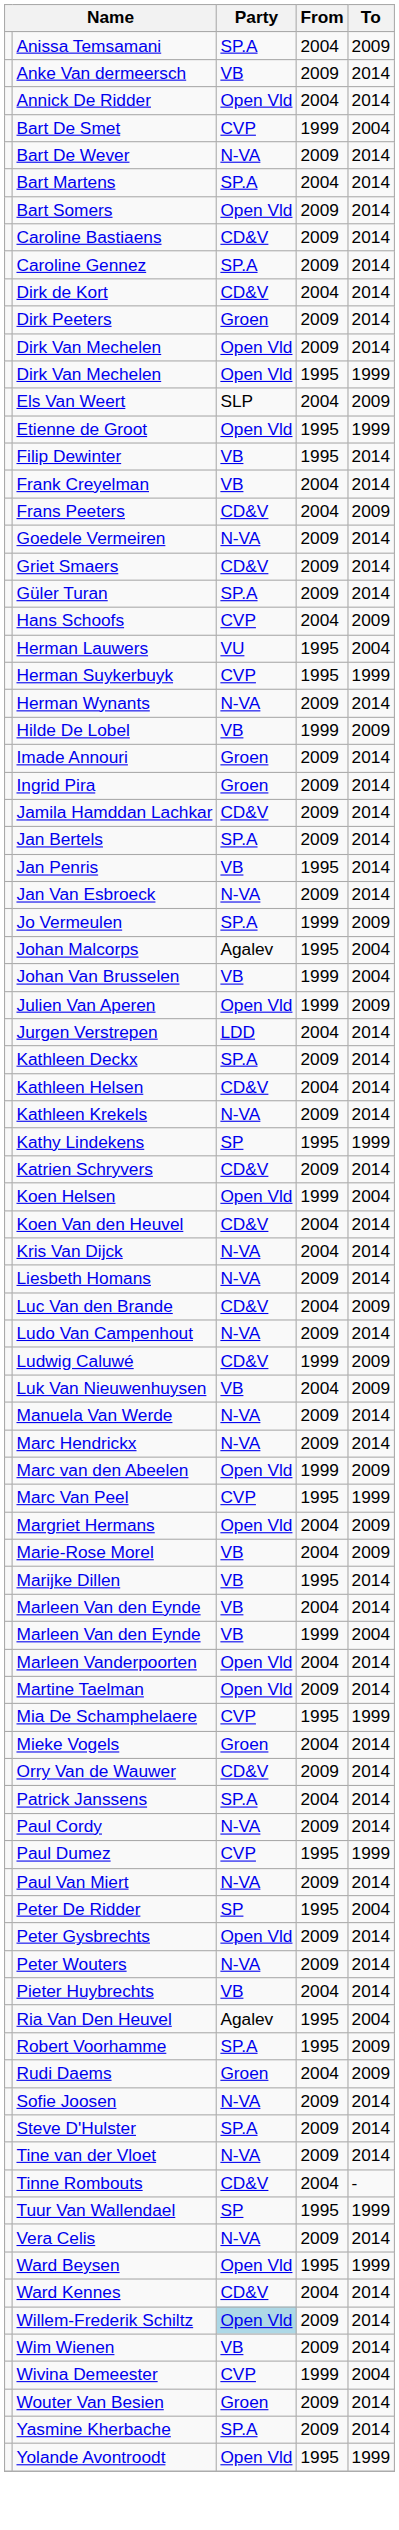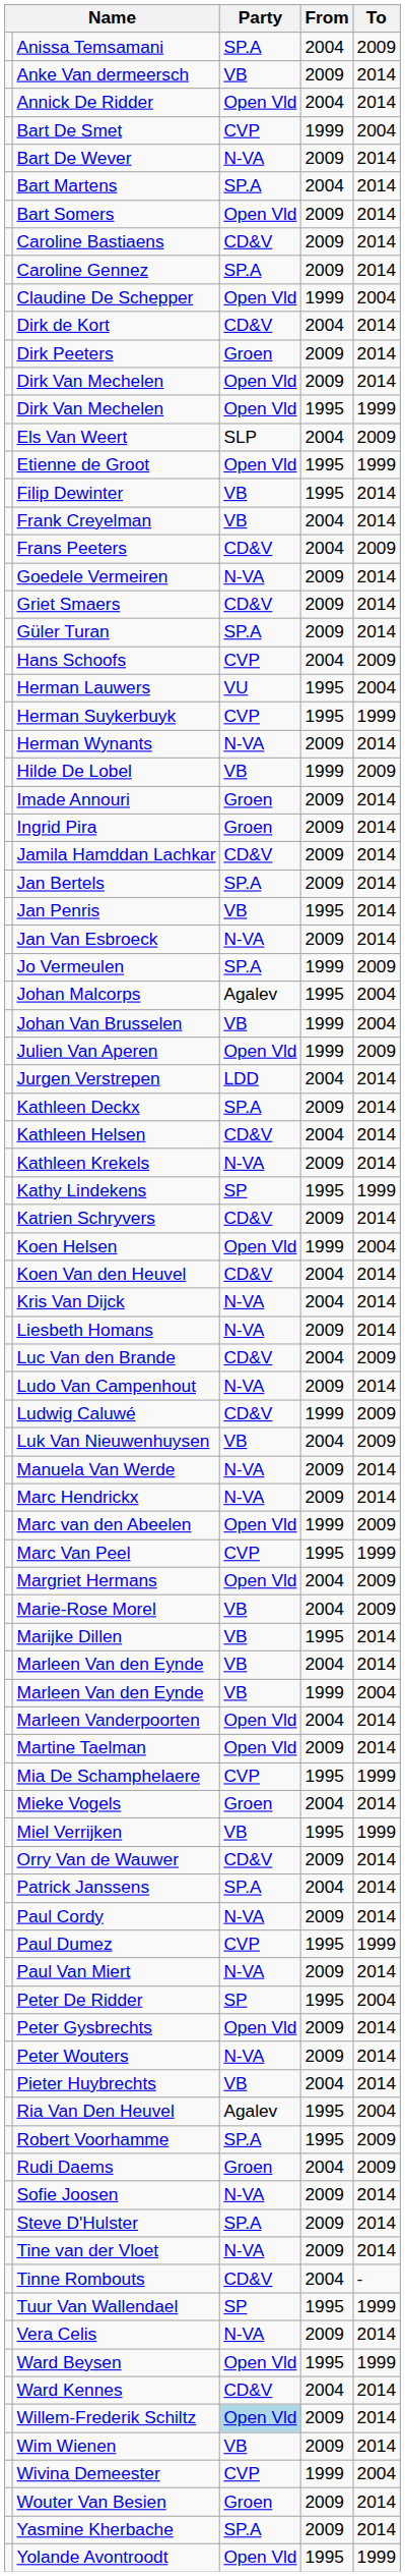 <table class="wikitable sortable">
 <tr>
 <th colspan=2>Name</th>
 <th>Party</th>
 <th>From</th>
 <th>To</th>
 </tr>
 <tr>
 <td style="background-color: "></td>
 <td><a href='#'>Anissa Temsamani</a></td>
 <td><a href='#'>SP.A</a></td>
 <td>2004</td>
 <td>2009</td>
 </tr>
 <tr>
 <td style="background-color: "></td>
 <td><a href='#'>Anke Van dermeersch</a></td>
 <td><a href='#'>VB</a></td>
 <td>2009</td>
 <td>2014</td>
 </tr>
 <tr>
 <td style="background-color: "></td>
 <td><a href='#'>Annick De Ridder</a></td>
 <td><a href='#'>Open Vld</a></td>
 <td>2004</td>
 <td>2014</td>
 </tr>
 <tr>
 <td style="background-color: "></td>
 <td><a href='#'>Bart De Smet</a></td>
 <td><a href='#'>CVP</a></td>
 <td>1999</td>
 <td>2004</td>
 </tr>
 <tr>
 <td style="background-color: "></td>
 <td><a href='#'>Bart De Wever</a></td>
 <td><a href='#'>N-VA</a></td>
 <td>2009</td>
 <td>2014</td>
 </tr>
 <tr>
 <td style="background-color: "></td>
 <td><a href='#'>Bart Martens</a></td>
 <td><a href='#'>SP.A</a></td>
 <td>2004</td>
 <td>2014</td>
 </tr>
 <tr>
 <td style="background-color: "></td>
 <td><a href='#'>Bart Somers</a></td>
 <td><a href='#'>Open Vld</a></td>
 <td>2009</td>
 <td>2014</td>
 </tr>
 <tr>
 <td style="background-color: "></td>
 <td><a href='#'>Caroline Bastiaens</a></td>
 <td><a href='#'>CD&V</a></td>
 <td>2009</td>
 <td>2014</td>
 </tr>
 <tr>
 <td style="background-color: "></td>
 <td><a href='#'>Caroline Gennez</a></td>
 <td><a href='#'>SP.A</a></td>
 <td>2009</td>
 <td>2014</td>
+</tr>
+<tr>
+<td style="background-color: "></td>
+<td><a href='#'>Claudine De Schepper</a></td>
+<td><a href='#'>Open Vld</a></td>
+<td>1999</td>
+<td>2004</td>
 </tr>
 <tr>
 <td style="background-color: "></td>
 <td><a href='#'>Dirk de Kort</a></td>
 <td><a href='#'>CD&V</a></td>
 <td>2004</td>
 <td>2014</td>
 </tr>
 <tr>
 <td style="background-color: "></td>
 <td><a href='#'>Dirk Peeters</a></td>
 <td><a href='#'>Groen</a></td>
 <td>2009</td>
 <td>2014</td>
 </tr>
 <tr>
 <td style="background-color: "></td>
 <td><a href='#'>Dirk Van Mechelen</a></td>
 <td><a href='#'>Open Vld</a></td>
 <td>2009</td>
 <td>2014</td>
 </tr>
 <tr>
 <td style="background-color: "></td>
 <td><a href='#'>Dirk Van Mechelen</a></td>
 <td><a href='#'>Open Vld</a></td>
 <td>1995</td>
 <td>1999</td>
 </tr>
 <tr>
 <td style="background-color: "></td>
 <td><a href='#'>Els Van Weert</a></td>
 <td>SLP</td>
 <td>2004</td>
 <td>2009</td>
 </tr>
 <tr>
 <td style="background-color: "></td>
 <td><a href='#'>Etienne de Groot</a></td>
 <td><a href='#'>Open Vld</a></td>
 <td>1995</td>
 <td>1999</td>
 </tr>
 <tr>
 <td style="background-color: "></td>
 <td><a href='#'>Filip Dewinter</a></td>
 <td><a href='#'>VB</a></td>
 <td>1995</td>
 <td>2014</td>
 </tr>
 <tr>
 <td style="background-color: "></td>
 <td><a href='#'>Frank Creyelman</a></td>
 <td><a href='#'>VB</a></td>
 <td>2004</td>
 <td>2014</td>
 </tr>
 <tr>
 <td style="background-color: "></td>
 <td><a href='#'>Frans Peeters</a></td>
 <td><a href='#'>CD&V</a></td>
 <td>2004</td>
 <td>2009</td>
 </tr>
 <tr>
 <td style="background-color: "></td>
 <td><a href='#'>Goedele Vermeiren</a></td>
 <td><a href='#'>N-VA</a></td>
 <td>2009</td>
 <td>2014</td>
 </tr>
 <tr>
 <td style="background-color: "></td>
 <td><a href='#'>Griet Smaers</a></td>
 <td><a href='#'>CD&V</a></td>
 <td>2009</td>
 <td>2014</td>
 </tr>
 <tr>
 <td style="background-color: "></td>
 <td><a href='#'>Güler Turan</a></td>
 <td><a href='#'>SP.A</a></td>
 <td>2009</td>
 <td>2014</td>
 </tr>
 <tr>
 <td style="background-color: "></td>
 <td><a href='#'>Hans Schoofs</a></td>
 <td><a href='#'>CVP</a></td>
 <td>2004</td>
 <td>2009</td>
 </tr>
 <tr>
 <td style="background-color: "></td>
 <td><a href='#'>Herman Lauwers</a></td>
 <td><a href='#'>VU</a></td>
 <td>1995</td>
 <td>2004</td>
 </tr>
 <tr>
 <td style="background-color: "></td>
 <td><a href='#'>Herman Suykerbuyk</a></td>
 <td><a href='#'>CVP</a></td>
 <td>1995</td>
 <td>1999</td>
 </tr>
 <tr>
 <td style="background-color: "></td>
 <td><a href='#'>Herman Wynants</a></td>
 <td><a href='#'>N-VA</a></td>
 <td>2009</td>
 <td>2014</td>
 </tr>
 <tr>
 <td style="background-color: "></td>
 <td><a href='#'>Hilde De Lobel</a></td>
 <td><a href='#'>VB</a></td>
 <td>1999</td>
 <td>2009</td>
 </tr>
 <tr>
 <td style="background-color: "></td>
 <td><a href='#'>Imade Annouri</a></td>
 <td><a href='#'>Groen</a></td>
 <td>2009</td>
 <td>2014</td>
 </tr>
 <tr>
 <td style="background-color: "></td>
 <td><a href='#'>Ingrid Pira</a></td>
 <td><a href='#'>Groen</a></td>
 <td>2009</td>
 <td>2014</td>
 </tr>
 <tr>
 <td style="background-color: "></td>
 <td><a href='#'>Jamila Hamddan Lachkar</a></td>
 <td><a href='#'>CD&V</a></td>
 <td>2009</td>
 <td>2014</td>
 </tr>
 <tr>
 <td style="background-color: "></td>
 <td><a href='#'>Jan Bertels</a></td>
 <td><a href='#'>SP.A</a></td>
 <td>2009</td>
 <td>2014</td>
 </tr>
 <tr>
 <td style="background-color: "></td>
 <td><a href='#'>Jan Penris</a></td>
 <td><a href='#'>VB</a></td>
 <td>1995</td>
 <td>2014</td>
 </tr>
 <tr>
 <td style="background-color: "></td>
 <td><a href='#'>Jan Van Esbroeck</a></td>
 <td><a href='#'>N-VA</a></td>
 <td>2009</td>
 <td>2014</td>
 </tr>
 <tr>
 <td style="background-color: "></td>
 <td><a href='#'>Jo Vermeulen</a></td>
 <td><a href='#'>SP.A</a></td>
 <td>1999</td>
 <td>2009</td>
 </tr>
 <tr>
 <td style="background-color: "></td>
 <td><a href='#'>Johan Malcorps</a></td>
 <td>Agalev</td>
 <td>1995</td>
 <td>2004</td>
 </tr>
 <tr>
 <td style="background-color: "></td>
 <td><a href='#'>Johan Van Brusselen</a></td>
 <td><a href='#'>VB</a></td>
 <td>1999</td>
 <td>2004</td>
 </tr>
 <tr>
 <td style="background-color: "></td>
 <td><a href='#'>Julien Van Aperen</a></td>
 <td><a href='#'>Open Vld</a></td>
 <td>1999</td>
 <td>2009</td>
 </tr>
 <tr>
 <td style="background-color: "></td>
 <td><a href='#'>Jurgen Verstrepen</a></td>
 <td><a href='#'>LDD</a></td>
 <td>2004</td>
 <td>2014</td>
 </tr>
 <tr>
 <td style="background-color: "></td>
 <td><a href='#'>Kathleen Deckx</a></td>
 <td><a href='#'>SP.A</a></td>
 <td>2009</td>
 <td>2014</td>
 </tr>
 <tr>
 <td style="background-color: "></td>
 <td><a href='#'>Kathleen Helsen</a></td>
 <td><a href='#'>CD&V</a></td>
 <td>2004</td>
 <td>2014</td>
 </tr>
 <tr>
 <td style="background-color: "></td>
 <td><a href='#'>Kathleen Krekels</a></td>
 <td><a href='#'>N-VA</a></td>
 <td>2009</td>
 <td>2014</td>
 </tr>
 <tr>
 <td style="background-color: "></td>
 <td><a href='#'>Kathy Lindekens</a></td>
 <td><a href='#'>SP</a></td>
 <td>1995</td>
 <td>1999</td>
 </tr>
 <tr>
 <td style="background-color: "></td>
 <td><a href='#'>Katrien Schryvers</a></td>
 <td><a href='#'>CD&V</a></td>
 <td>2009</td>
 <td>2014</td>
 </tr>
 <tr>
 <td style="background-color: "></td>
 <td><a href='#'>Koen Helsen</a></td>
 <td><a href='#'>Open Vld</a></td>
 <td>1999</td>
 <td>2004</td>
 </tr>
 <tr>
 <td style="background-color: "></td>
 <td><a href='#'>Koen Van den Heuvel</a></td>
 <td><a href='#'>CD&V</a></td>
 <td>2004</td>
 <td>2014</td>
 </tr>
 <tr>
 <td style="background-color: "></td>
 <td><a href='#'>Kris Van Dijck</a></td>
 <td><a href='#'>N-VA</a></td>
 <td>2004</td>
 <td>2014</td>
 </tr>
 <tr>
 <td style="background-color: "></td>
 <td><a href='#'>Liesbeth Homans</a></td>
 <td><a href='#'>N-VA</a></td>
 <td>2009</td>
 <td>2014</td>
 </tr>
 <tr>
 <td style="background-color: "></td>
 <td><a href='#'>Luc Van den Brande</a></td>
 <td><a href='#'>CD&V</a></td>
 <td>2004</td>
 <td>2009</td>
 </tr>
 <tr>
 <td style="background-color: "></td>
 <td><a href='#'>Ludo Van Campenhout</a></td>
 <td><a href='#'>N-VA</a></td>
 <td>2009</td>
 <td>2014</td>
 </tr>
 <tr>
 <td style="background-color: "></td>
 <td><a href='#'>Ludwig Caluwé</a></td>
 <td><a href='#'>CD&V</a></td>
 <td>1999</td>
 <td>2009</td>
 </tr>
 <tr>
 <td style="background-color: "></td>
 <td><a href='#'>Luk Van Nieuwenhuysen</a></td>
 <td><a href='#'>VB</a></td>
 <td>2004</td>
 <td>2009</td>
 </tr>
 <tr>
 <td style="background-color: "></td>
 <td><a href='#'>Manuela Van Werde</a></td>
 <td><a href='#'>N-VA</a></td>
 <td>2009</td>
 <td>2014</td>
 </tr>
 <tr>
 <td style="background-color: "></td>
 <td><a href='#'>Marc Hendrickx</a></td>
 <td><a href='#'>N-VA</a></td>
 <td>2009</td>
 <td>2014</td>
 </tr>
 <tr>
 <td style="background-color: "></td>
 <td><a href='#'>Marc van den Abeelen</a></td>
 <td><a href='#'>Open Vld</a></td>
 <td>1999</td>
 <td>2009</td>
 </tr>
 <tr>
 <td style="background-color: "></td>
 <td><a href='#'>Marc Van Peel</a></td>
 <td><a href='#'>CVP</a></td>
 <td>1995</td>
 <td>1999</td>
 </tr>
 <tr>
 <td style="background-color: "></td>
 <td><a href='#'>Margriet Hermans</a></td>
 <td><a href='#'>Open Vld</a></td>
 <td>2004</td>
 <td>2009</td>
 </tr>
 <tr>
 <td style="background-color: "></td>
 <td><a href='#'>Marie-Rose Morel</a></td>
 <td><a href='#'>VB</a></td>
 <td>2004</td>
 <td>2009</td>
 </tr>
 <tr>
 <td style="background-color: "></td>
 <td><a href='#'>Marijke Dillen</a></td>
 <td><a href='#'>VB</a></td>
 <td>1995</td>
 <td>2014</td>
 </tr>
 <tr>
 <td style="background-color: "></td>
 <td><a href='#'>Marleen Van den Eynde</a></td>
 <td><a href='#'>VB</a></td>
 <td>2004</td>
 <td>2014</td>
 </tr>
 <tr>
 <td style="background-color: "></td>
 <td><a href='#'>Marleen Van den Eynde</a></td>
 <td><a href='#'>VB</a></td>
 <td>1999</td>
 <td>2004</td>
 </tr>
 <tr>
 <td style="background-color: "></td>
 <td><a href='#'>Marleen Vanderpoorten</a></td>
 <td><a href='#'>Open Vld</a></td>
 <td>2004</td>
 <td>2014</td>
 </tr>
 <tr>
 <td style="background-color: "></td>
 <td><a href='#'>Martine Taelman</a></td>
 <td><a href='#'>Open Vld</a></td>
 <td>2009</td>
 <td>2014</td>
 </tr>
 <tr>
 <td style="background-color: "></td>
 <td><a href='#'>Mia De Schamphelaere</a></td>
 <td><a href='#'>CVP</a></td>
 <td>1995</td>
 <td>1999</td>
 </tr>
 <tr>
 <td style="background-color: "></td>
 <td><a href='#'>Mieke Vogels</a></td>
 <td><a href='#'>Groen</a></td>
 <td>2004</td>
 <td>2014</td>
 </tr>
 <tr>
 <td style="background-color: "></td>
+<td><a href='#'>Miel Verrijken</a></td>
+<td><a href='#'>VB</a></td>
+<td>1995</td>
+<td>1999</td>
+</tr>
+<tr>
+<td style="background-color: "></td>
 <td><a href='#'>Orry Van de Wauwer</a></td>
 <td><a href='#'>CD&V</a></td>
 <td>2009</td>
 <td>2014</td>
 </tr>
 <tr>
 <td style="background-color: "></td>
 <td><a href='#'>Patrick Janssens</a></td>
 <td><a href='#'>SP.A</a></td>
 <td>2004</td>
 <td>2014</td>
 </tr>
 <tr>
 <td style="background-color: "></td>
 <td><a href='#'>Paul Cordy</a></td>
 <td><a href='#'>N-VA</a></td>
 <td>2009</td>
 <td>2014</td>
 </tr>
 <tr>
 <td style="background-color: "></td>
 <td><a href='#'>Paul Dumez</a></td>
 <td><a href='#'>CVP</a></td>
 <td>1995</td>
 <td>1999</td>
 </tr>
 <tr>
 <td style="background-color: "></td>
 <td><a href='#'>Paul Van Miert</a></td>
 <td><a href='#'>N-VA</a></td>
 <td>2009</td>
 <td>2014</td>
 </tr>
 <tr>
 <td style="background-color: "></td>
 <td><a href='#'>Peter De Ridder</a></td>
 <td><a href='#'>SP</a></td>
 <td>1995</td>
 <td>2004</td>
 </tr>
 <tr>
 <td style="background-color: "></td>
 <td><a href='#'>Peter Gysbrechts</a></td>
 <td><a href='#'>Open Vld</a></td>
 <td>2009</td>
 <td>2014</td>
 </tr>
 <tr>
 <td style="background-color: "></td>
 <td><a href='#'>Peter Wouters</a></td>
 <td><a href='#'>N-VA</a></td>
 <td>2009</td>
 <td>2014</td>
 </tr>
 <tr>
 <td style="background-color: "></td>
 <td><a href='#'>Pieter Huybrechts</a></td>
 <td><a href='#'>VB</a></td>
 <td>2004</td>
 <td>2014</td>
 </tr>
 <tr>
 <td style="background-color: "></td>
 <td><a href='#'>Ria Van Den Heuvel</a></td>
 <td>Agalev</td>
 <td>1995</td>
 <td>2004</td>
 </tr>
 <tr>
 <td style="background-color: "></td>
 <td><a href='#'>Robert Voorhamme</a></td>
 <td><a href='#'>SP.A</a></td>
 <td>1995</td>
 <td>2009</td>
 </tr>
 <tr>
 <td style="background-color: "></td>
 <td><a href='#'>Rudi Daems</a></td>
 <td><a href='#'>Groen</a></td>
 <td>2004</td>
 <td>2009</td>
 </tr>
 <tr>
 <td style="background-color: "></td>
 <td><a href='#'>Sofie Joosen</a></td>
 <td><a href='#'>N-VA</a></td>
 <td>2009</td>
 <td>2014</td>
 </tr>
 <tr>
 <td style="background-color: "></td>
 <td><a href='#'>Steve D'Hulster</a></td>
 <td><a href='#'>SP.A</a></td>
 <td>2009</td>
 <td>2014</td>
 </tr>
 <tr>
 <td style="background-color: "></td>
 <td><a href='#'>Tine van der Vloet</a></td>
 <td><a href='#'>N-VA</a></td>
 <td>2009</td>
 <td>2014</td>
 </tr>
 <tr>
 <td style="background-color: "></td>
 <td><a href='#'>Tinne Rombouts</a></td>
 <td><a href='#'>CD&V</a></td>
 <td>2004</td>
 <td 2014>-</td>
 </tr>
 <tr>
 <td style="background-color: "></td>
 <td><a href='#'>Tuur Van Wallendael</a></td>
 <td><a href='#'>SP</a></td>
 <td>1995</td>
 <td>1999</td>
 </tr>
 <tr>
 <td style="background-color: "></td>
 <td><a href='#'>Vera Celis</a></td>
 <td><a href='#'>N-VA</a></td>
 <td>2009</td>
 <td>2014</td>
 </tr>
 <tr>
 <td style="background-color: "></td>
 <td><a href='#'>Ward Beysen</a></td>
 <td><a href='#'>Open Vld</a></td>
 <td>1995</td>
 <td>1999</td>
 </tr>
 <tr>
 <td style="background-color: "></td>
 <td><a href='#'>Ward Kennes</a></td>
 <td><a href='#'>CD&V</a></td>
 <td>2004</td>
 <td>2014</td>
 </tr>
 <tr>
 <td style="background-color: "></td>
 <td><a href='#'>Willem-Frederik Schiltz</a></td>
 <td style="background: lightblue;"><a href='#'>Open Vld</a></td>
 <td>2009</td>
 <td>2014</td>
 </tr>
 <tr>
 <td style="background-color: "></td>
 <td><a href='#'>Wim Wienen</a></td>
 <td><a href='#'>VB</a></td>
 <td>2009</td>
 <td>2014</td>
 </tr>
 <tr>
 <td style="background-color: "></td>
 <td><a href='#'>Wivina Demeester</a></td>
 <td><a href='#'>CVP</a></td>
 <td>1999</td>
 <td>2004</td>
 </tr>
 <tr>
 <td style="background-color: "></td>
 <td><a href='#'>Wouter Van Besien</a></td>
 <td><a href='#'>Groen</a></td>
 <td>2009</td>
 <td>2014</td>
 </tr>
 <tr>
 <td style="background-color: "></td>
 <td><a href='#'>Yasmine Kherbache</a></td>
 <td><a href='#'>SP.A</a></td>
 <td>2009</td>
 <td>2014</td>
 </tr>
 <tr>
 <td style="background-color: "></td>
 <td><a href='#'>Yolande Avontroodt</a></td>
 <td><a href='#'>Open Vld</a></td>
 <td>1995</td>
 <td>1999</td>
 </tr>
 <tr>
 </tr>
 </table>
